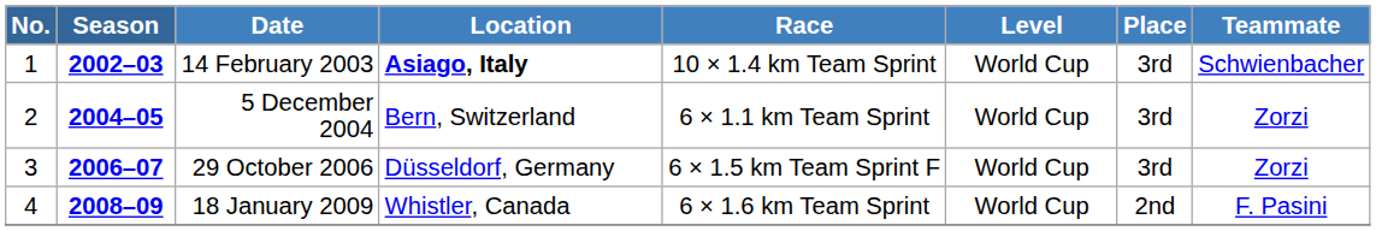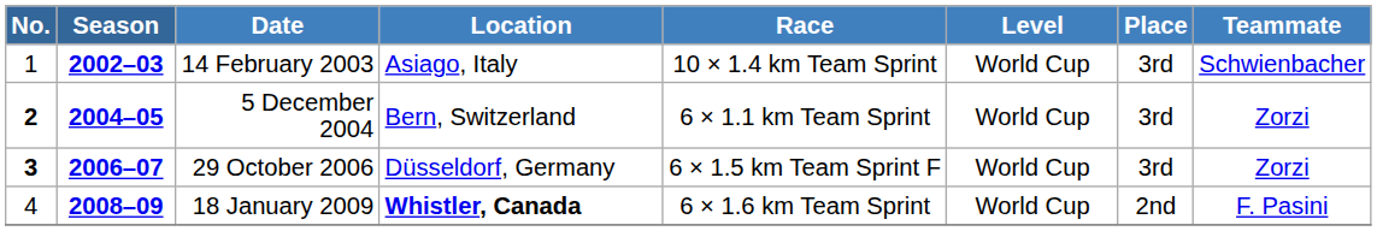 <table class="wikitable sortable" style="font-size:95%; text-align:center; border:grey solid 1px; border-collapse:collapse; background:#ffffff;">
 <tr style="background:#efefef;">
 <th style="background-color:#369; color:white;">No.</th>
 <th style="background-color:#369; color:white;">Season</th>
 <th style="background-color:#4180be; color:white; width:120px;">Date</th>
 <th style="background-color:#4180be; color:white; width:170px;">Location</th>
 <th style="background-color:#4180be; color:white; width:170px;">Race</th>
 <th style="background-color:#4180be; color:white; width:100px;">Level</th>
 <th style="background-color:#4180be; color:white;">Place</th>
 <th style="background-color:#4180be; color:white;">Teammate</th>
 </tr>
 <tr>
 <td align=center>1</td>
 <td rowspan=1 align=center><strong> <a href='#'>2002–03</a> </strong></td>
 <td align=right>14 February 2003</td>
-<td align=left><strong> <a href='#'>Asiago</a>, Italy</strong></td>
+<td align=left> <a href='#'>Asiago</a>, Italy</td>
 <td>10 × 1.4 km Team Sprint</td>
 <td>World Cup</td>
 <td>3rd</td>
 <td><a href='#'>Schwienbacher</a></td>
 </tr>
 <tr>
-<td align=center>2</td>
+<td align=center><strong>2</strong></td>
 <td rowspan=1 align=center><strong> <a href='#'>2004–05</a> </strong></td>
 <td align=right>5 December 2004</td>
 <td align=left> <a href='#'>Bern</a>, Switzerland</td>
 <td>6 × 1.1 km Team Sprint</td>
 <td>World Cup</td>
 <td>3rd</td>
 <td><a href='#'>Zorzi</a></td>
 </tr>
 <tr>
-<td align=center>3</td>
+<td align=center><strong>3</strong></td>
 <td rowspan=1 align=center><strong> <a href='#'>2006–07</a> </strong></td>
 <td align=right>29 October 2006</td>
 <td align=left> <a href='#'>Düsseldorf</a>, Germany</td>
 <td>6 × 1.5 km Team Sprint F</td>
 <td>World Cup</td>
 <td>3rd</td>
 <td><a href='#'>Zorzi</a></td>
 </tr>
 <tr>
 <td align=center>4</td>
 <td rowspan=1 align=center><strong> <a href='#'>2008–09</a> </strong></td>
 <td align=right>18 January 2009</td>
-<td align=left> <a href='#'>Whistler</a>, Canada</td>
+<td align=left><strong> <a href='#'>Whistler</a>, Canada</strong></td>
 <td>6 × 1.6 km Team Sprint</td>
 <td>World Cup</td>
 <td>2nd</td>
 <td><a href='#'>F. Pasini</a></td>
 </tr>
 <tr>
 </tr>
 </table>
